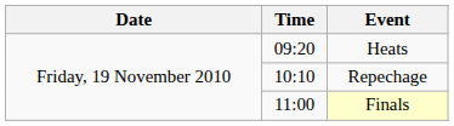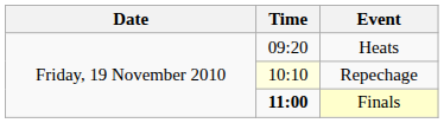 <table class = "wikitable" style="text-align:center;">
 <tr>
 <th width=220>Date</th>
 <th width=50>Time</th>
 <th width=100>Event</th>
 </tr>
 <tr>
 <td rowspan=3>Friday, 19 November 2010</td>
 <td>09:20</td>
 <td>Heats</td>
 </tr>
 <tr>
-<td>10:10</td>
+<td style="background: lightyellow;">10:10</td>
 <td>Repechage</td>
 </tr>
 <tr>
-<td>11:00</td>
+<td><strong>11:00</strong></td>
 <td style="background:#ffffcc;">Finals</td>
 </tr>
 </table>
